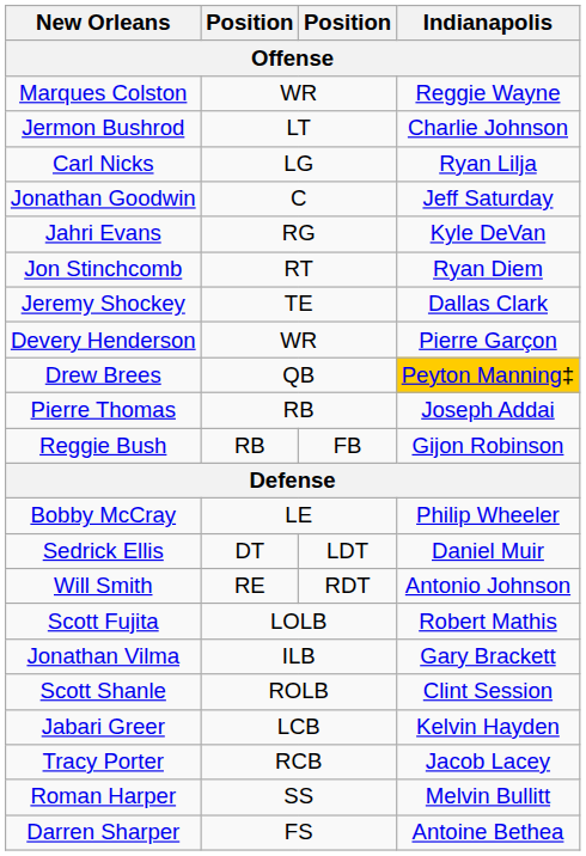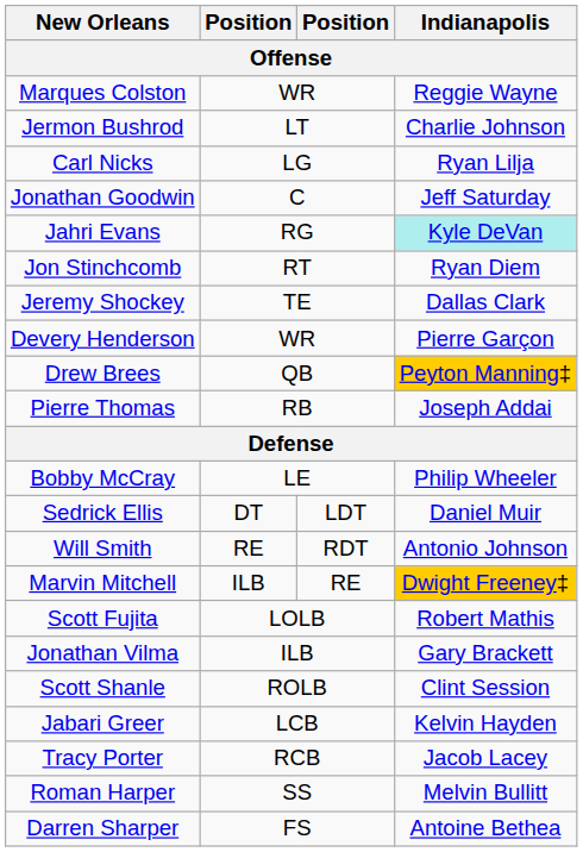 <table class="wikitable" style="text-align:center;">
 <tr>
 <th>New Orleans</th>
 <th>Position</th>
 <th>Position</th>
 <th>Indianapolis</th>
 </tr>
 <tr>
 <th colspan="4">Offense</th>
 </tr>
 <tr>
 <td><a href='#'>Marques Colston</a></td>
 <td colspan="2">WR</td>
 <td><a href='#'>Reggie Wayne</a></td>
 </tr>
 <tr>
 <td><a href='#'>Jermon Bushrod</a></td>
 <td colspan="2">LT</td>
 <td><a href='#'>Charlie Johnson</a></td>
 </tr>
 <tr>
 <td><a href='#'>Carl Nicks</a></td>
 <td colspan="2">LG</td>
 <td><a href='#'>Ryan Lilja</a></td>
 </tr>
 <tr>
 <td><a href='#'>Jonathan Goodwin</a></td>
 <td colspan="2">C</td>
 <td><a href='#'>Jeff Saturday</a></td>
 </tr>
 <tr>
 <td><a href='#'>Jahri Evans</a></td>
 <td colspan="2">RG</td>
-<td><a href='#'>Kyle DeVan</a></td>
+<td style="background: paleturquoise;"><a href='#'>Kyle DeVan</a></td>
 </tr>
 <tr>
 <td><a href='#'>Jon Stinchcomb</a></td>
 <td colspan="2">RT</td>
 <td><a href='#'>Ryan Diem</a></td>
 </tr>
 <tr>
 <td><a href='#'>Jeremy Shockey</a></td>
 <td colspan="2">TE</td>
 <td><a href='#'>Dallas Clark</a></td>
 </tr>
 <tr>
 <td><a href='#'>Devery Henderson</a></td>
 <td colspan="2">WR</td>
 <td><a href='#'>Pierre Garçon</a></td>
 </tr>
 <tr>
 <td><a href='#'>Drew Brees</a></td>
 <td colspan="2">QB</td>
 <td bgcolor="#FFCC00"><a href='#'>Peyton Manning</a>‡</td>
 </tr>
 <tr>
 <td><a href='#'>Pierre Thomas</a></td>
 <td colspan="2">RB</td>
 <td><a href='#'>Joseph Addai</a></td>
 </tr>
 <tr>
-<td><a href='#'>Reggie Bush</a></td>
-<td>RB</td>
-<td>FB</td>
-<td><a href='#'>Gijon Robinson</a></td>
-</tr>
-<tr>
 <th colspan="4">Defense</th>
 </tr>
 <tr>
 <td><a href='#'>Bobby McCray</a></td>
 <td colspan="2">LE</td>
 <td><a href='#'>Philip Wheeler</a></td>
 </tr>
 <tr>
 <td><a href='#'>Sedrick Ellis</a></td>
 <td>DT</td>
 <td>LDT</td>
 <td><a href='#'>Daniel Muir</a></td>
 </tr>
 <tr>
 <td><a href='#'>Will Smith</a></td>
 <td>RE</td>
 <td>RDT</td>
 <td><a href='#'>Antonio Johnson</a></td>
+</tr>
+<tr>
+<td><a href='#'>Marvin Mitchell</a></td>
+<td>ILB</td>
+<td>RE</td>
+<td bgcolor="#FFCC00"><a href='#'>Dwight Freeney</a>‡</td>
 </tr>
 <tr>
 <td><a href='#'>Scott Fujita</a></td>
 <td colspan="2">LOLB</td>
 <td><a href='#'>Robert Mathis</a></td>
 </tr>
 <tr>
 <td><a href='#'>Jonathan Vilma</a></td>
 <td colspan="2">ILB</td>
 <td><a href='#'>Gary Brackett</a></td>
 </tr>
 <tr>
 <td><a href='#'>Scott Shanle</a></td>
 <td colspan="2">ROLB</td>
 <td><a href='#'>Clint Session</a></td>
 </tr>
 <tr>
 <td><a href='#'>Jabari Greer</a></td>
 <td colspan="2">LCB</td>
 <td><a href='#'>Kelvin Hayden</a></td>
 </tr>
 <tr>
 <td><a href='#'>Tracy Porter</a></td>
 <td colspan="2">RCB</td>
 <td><a href='#'>Jacob Lacey</a></td>
 </tr>
 <tr>
 <td><a href='#'>Roman Harper</a></td>
 <td colspan="2">SS</td>
 <td><a href='#'>Melvin Bullitt</a></td>
 </tr>
 <tr>
 <td><a href='#'>Darren Sharper</a></td>
 <td colspan="2">FS</td>
 <td><a href='#'>Antoine Bethea</a></td>
 </tr>
 </table>
